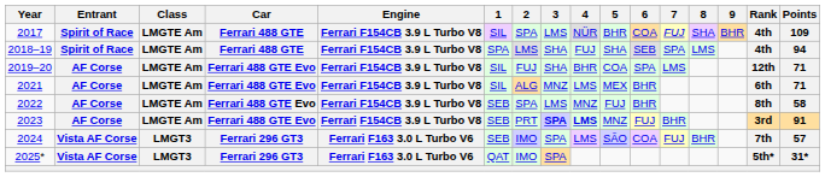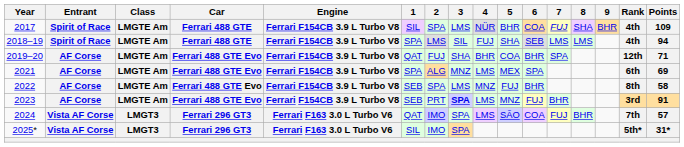 <table class="wikitable" style="text-align:center; font-size:90%">
 <tr>
 <th>Year</th>
 <th>Entrant</th>
 <th>Class</th>
 <th>Car</th>
 <th>Engine</th>
 <th>1</th>
 <th>2</th>
 <th>3</th>
 <th>4</th>
 <th>5</th>
 <th>6</th>
 <th>7</th>
 <th>8</th>
 <th>9</th>
 <th>Rank</th>
 <th>Points</th>
 </tr>
 <tr>
 <td><a href='#'>2017</a></td>
 <th><a href='#'>Spirit of Race</a></th>
 <th>LMGTE Am</th>
 <th><a href='#'>Ferrari 488 GTE</a></th>
 <th><a href='#'>Ferrari F154CB</a> 3.9 L Turbo V8</th>
 <td style="background:#EFCFFF;"><a href='#'>SIL</a><br></td>
 <td style="background:#DFFFDF;"><a href='#'>SPA</a><br></td>
 <td style="background:#DFFFDF;"><a href='#'>LMS</a><br></td>
 <td style="background:#DFDFDF;"><a href='#'>NÜR</a><br></td>
 <td style="background:#DFFFDF;"><a href='#'>BHR</a><br></td>
 <td style="background:#FFDF9F;"><a href='#'>COA</a><br></td>
 <td style="background:#FFFFBF;"><em><a href='#'>FUJ</a></em><br></td>
 <td style="background:#EFCFFF;"><a href='#'>SHA</a><br></td>
 <td style="background:#FFDF9F;"><a href='#'>BHR</a><br></td>
 <th>4th</th>
 <th>109</th>
 </tr>
 <tr>
 <td><a href='#'>2018–19</a></td>
 <th><a href='#'>Spirit of Race</a></th>
 <th>LMGTE Am</th>
 <th><a href='#'>Ferrari 488 GTE</a></th>
 <th><a href='#'>Ferrari F154CB</a> 3.9 L Turbo V8</th>
 <td style="background:#DFFFDF;"><a href='#'>SPA</a><br></td>
 <td style="background:#DFDFDF;"><a href='#'>LMS</a><br></td>
-<td style="background:#DFFFDF;"><a href='#'>SHA</a><br></td>
+<td style="background:#DFFFDF;"><a href='#'>SIL</a><br></td>
 <td style="background:#DFFFDF;"><a href='#'>FUJ</a><br></td>
 <td style="background:#DFFFDF;"><a href='#'>SHA</a><br></td>
 <td style="background:#DFDFDF;"><a href='#'>SEB</a><br></td>
-<td style="background:#DFFFDF;"><a href='#'>SPA</a><br></td>
+<td style="background:#DFFFDF;"><a href='#'>LMS</a><br></td>
 <td style="background:#DFFFDF;"><a href='#'>LMS</a><br></td>
 <td></td>
 <th>4th</th>
 <th>94</th>
 </tr>
 <tr>
 <td><a href='#'>2019–20</a></td>
 <th><a href='#'>AF Corse</a></th>
 <th>LMGTE Am</th>
 <th><a href='#'>Ferrari 488 GTE Evo</a></th>
 <th><a href='#'>Ferrari F154CB</a> 3.9 L Turbo V8</th>
-<td style="background:#DFFFDF;"><a href='#'>SIL</a><br></td>
+<td style="background:#DFFFDF;"><a href='#'>QAT</a><br></td>
 <td style="background:#DFFFDF;"><a href='#'>FUJ</a><br></td>
 <td style="background:#DFFFDF;"><a href='#'>SHA</a><br></td>
 <td style="background:#DFFFDF;"><a href='#'>BHR</a><br></td>
 <td style="background:#DFFFDF;"><a href='#'>COA</a><br></td>
+<td style="background:#DFFFDF;"><a href='#'>BHR</a><br></td>
 <td style="background:#DFFFDF;"><a href='#'>SPA</a><br></td>
-<td style="background:#DFFFDF;"><a href='#'>LMS</a><br></td>
 <td></td>
 <td></td>
 <th>12th</th>
 <th>71</th>
 </tr>
 <tr>
 <td><a href='#'>2021</a></td>
 <th><a href='#'>AF Corse</a></th>
 <th>LMGTE Am</th>
 <th><a href='#'>Ferrari 488 GTE Evo</a></th>
 <th><a href='#'>Ferrari F154CB</a> 3.9 L Turbo V8</th>
-<td style="background:#DFFFDF;"><a href='#'>SIL</a><br></td>
+<td style="background:#DFFFDF;"><a href='#'>SPA</a><br></td>
 <td style="background:#FFDF9F;"><a href='#'>ALG</a><br></td>
 <td style="background:#DFFFDF;"><a href='#'>MNZ</a><br></td>
 <td style="background:#DFFFDF;"><a href='#'>LMS</a><br></td>
 <td style="background:#DFFFDF;"><a href='#'>MEX</a><br></td>
-<td style="background:#DFFFDF;"><a href='#'>BHR</a><br></td>
+<td style="background:#DFFFDF;"><a href='#'>SPA</a><br></td>
 <td></td>
 <td></td>
 <td></td>
 <th>6th</th>
-<th>71</th>
+<th>69</th>
 </tr>
 <tr>
 <td><a href='#'>2022</a></td>
 <th><a href='#'>AF Corse</a></th>
 <th>LMGTE Am</th>
 <th><a href='#'>Ferrari 488 GTE</a> Evo</th>
 <th><a href='#'>Ferrari F154CB</a> 3.9 L Turbo V8</th>
 <td style="background:#DFFFDF"><a href='#'>SEB</a><br></td>
 <td style="background:#DFFFDF"><a href='#'>SPA</a><br></td>
 <td style="background:#DFFFDF"><a href='#'>LMS</a><br></td>
 <td style="background:#DFFFDF"><a href='#'>MNZ</a><br></td>
 <td style="background:#DFFFDF"><a href='#'>FUJ</a><br></td>
 <td style="background:#DFFFDF"><a href='#'>BHR</a><br></td>
 <td></td>
 <td></td>
 <td></td>
 <th>8th</th>
 <th>58</th>
 </tr>
 <tr>
 <td><a href='#'>2023</a></td>
 <th><a href='#'>AF Corse</a></th>
 <th>LMGTE Am</th>
 <th><a href='#'>Ferrari 488 GTE Evo</a></th>
 <th><a href='#'>Ferrari</a> <a href='#'>F154CB</a> 3.9 L Turbo V8</th>
 <td style="background:#DFFFDF;"><a href='#'>SEB</a><br></td>
 <td style="background:#DFFFDF;"><a href='#'>PRT</a><br></td>
 <td style="background:#CFCFFF;"><strong><a href='#'>SPA</a><br></strong></td>
-<td style="background:#DFFFDF;"><strong><a href='#'>LMS</a><br></strong></td>
+<td style="background:#DFFFDF;"><a href='#'>LMS</a><br></td>
 <td style="background:#DFFFDF;"><a href='#'>MNZ</a><br></td>
 <td style="background:#FFFFBF;"><a href='#'>FUJ</a><br></td>
 <td style="background:#DFFFDF;"><a href='#'>BHR</a><br></td>
 <td></td>
 <td></td>
 <th style="background:#FFDF9F;">3rd</th>
 <th style="background:#FFDF9F;">91</th>
 </tr>
 <tr>
 <td><a href='#'>2024</a></td>
 <th><a href='#'>Vista AF Corse</a></th>
 <th>LMGT3</th>
 <th><a href='#'>Ferrari 296 GT3</a></th>
 <th><a href='#'>Ferrari</a> <a href='#'>F163</a> 3.0 L Turbo V6</th>
-<td style="background:#DFFFDF"><a href='#'>SEB</a><br></td>
+<td style="background:#DFFFDF;"><a href='#'>QAT</a><br></td>
 <td style="background:#CFCFFF;"><a href='#'>IMO</a><br></td>
 <td style="background:#DFFFDF;"><a href='#'>SPA</a><br></td>
 <td style="background:#EFCFFF;"><a href='#'>LMS</a><br></td>
 <td style="background:#CFCFFF;"><a href='#'>SÃO</a><br></td>
 <td style="background:#EFCFFF;"><a href='#'>COA</a><br></td>
 <td style="background:#FFFFBF;"><a href='#'>FUJ</a><br></td>
 <td style="background:#DFFFDF;"><a href='#'>BHR</a><br></td>
 <td></td>
 <th>7th</th>
 <th>57</th>
 </tr>
 <tr>
 <td><a href='#'>2025</a>*</td>
 <th><a href='#'>Vista AF Corse</a></th>
 <th>LMGT3</th>
 <th><a href='#'>Ferrari 296 GT3</a></th>
 <th><a href='#'>Ferrari</a> <a href='#'>F163</a> 3.0 L Turbo V6</th>
-<td style="background:#DFFFDF;"><a href='#'>QAT</a><br></td>
+<td style="background:#DFFFDF;"><a href='#'>SIL</a><br></td>
 <td style="background:#DFFFDF;"><a href='#'>IMO</a><br></td>
 <td style="background:#FFDF9F;"><a href='#'>SPA</a><br></td>
 <td></td>
 <td></td>
 <td></td>
 <td></td>
 <td></td>
 <td></td>
 <th><strong>5th*</strong></th>
 <th>31*</th>
 </tr>
 <tr>
 <th colspan="16"></th>
 </tr>
 </table>
